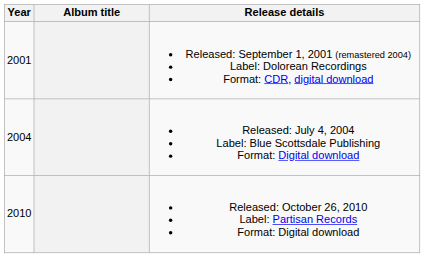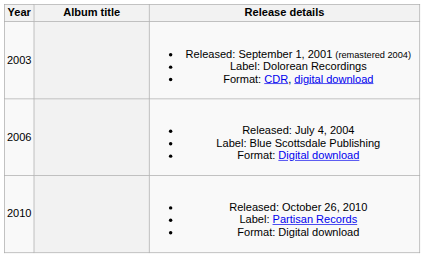 <table class="wikitable plainrowheaders" style="text-align:center;">
 <tr>
 <th>Year</th>
 <th scope="col" style="width:10em;">Album title</th>
 <th scope="col" style="width:24em;">Release details</th>
 </tr>
 <tr>
-<td>2001</td>
+<td>2003</td>
 <th></th>
 <td><br><ul><li>Released: September 1, 2001 <small>(remastered 2004)</small></li><li>Label: Dolorean Recordings</li><li>Format: <a href='#'>CDR</a>, <a href='#'>digital download</a></li></ul></td>
 </tr>
 <tr>
-<td>2004</td>
+<td>2006</td>
 <th></th>
 <td><br><ul><li>Released: July 4, 2004</li><li>Label: Blue Scottsdale Publishing</li><li>Format: <a href='#'>Digital download</a></li></ul></td>
 </tr>
 <tr>
 <td>2010</td>
 <th></th>
 <td><br><ul><li>Released: October 26, 2010</li><li>Label: <a href='#'>Partisan Records</a></li><li>Format: Digital download</li></ul></td>
 </tr>
 </table>
